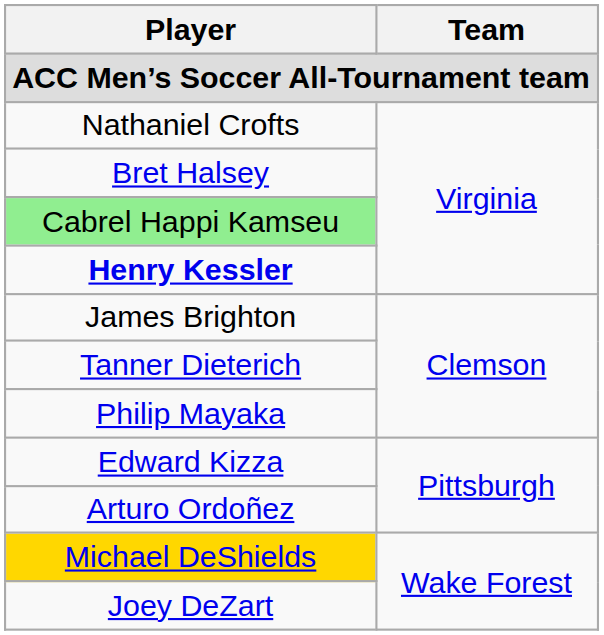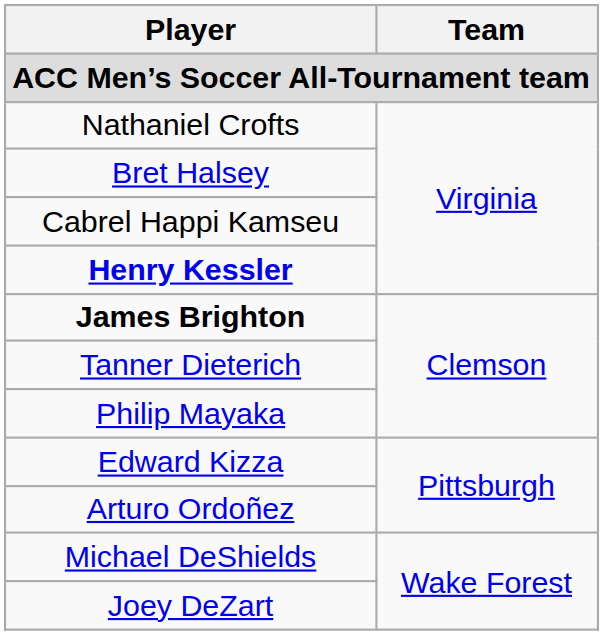 <table class="wikitable" style="white-space:nowrap; font-size:90%; text-align: center;">
 <tr>
 <th>Player</th>
 <th>Team</th>
 </tr>
 <tr>
 <td colspan="2" style="text-align:center; background:#ddd;"><strong>ACC Men’s Soccer All-Tournament team</strong></td>
 </tr>
 <tr>
 <td>Nathaniel Crofts</td>
 <td rowspan=4><a href='#'>Virginia</a></td>
 </tr>
 <tr>
 <td><a href='#'>Bret Halsey</a></td>
 </tr>
 <tr>
-<td style="background: lightgreen;">Cabrel Happi Kamseu</td>
+<td>Cabrel Happi Kamseu</td>
 </tr>
 <tr>
 <td><strong><a href='#'>Henry Kessler</a></strong></td>
 </tr>
 <tr>
-<td>James Brighton</td>
+<td><strong>James Brighton</strong></td>
 <td rowspan=3><a href='#'>Clemson</a></td>
 </tr>
 <tr>
 <td><a href='#'>Tanner Dieterich</a></td>
 </tr>
 <tr>
 <td><a href='#'>Philip Mayaka</a></td>
 </tr>
 <tr>
 <td><a href='#'>Edward Kizza</a></td>
 <td rowspan=2><a href='#'>Pittsburgh</a></td>
 </tr>
 <tr>
 <td><a href='#'>Arturo Ordoñez</a></td>
 </tr>
 <tr>
-<td style="background: gold;"><a href='#'>Michael DeShields</a></td>
+<td><a href='#'>Michael DeShields</a></td>
 <td rowspan=2><a href='#'>Wake Forest</a></td>
 </tr>
 <tr>
 <td><a href='#'>Joey DeZart</a></td>
 </tr>
 </table>
